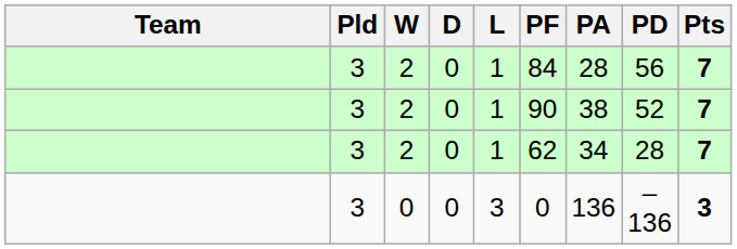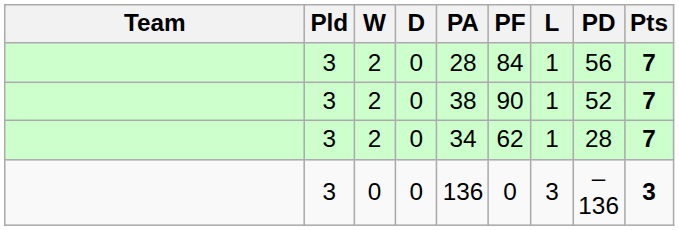 <table class="wikitable" style="text-align:center;">
 <tr>
 <th width="190">Team</th>
 <th width="20" abbr="Played">Pld</th>
 <th width="20" abbr="Won">W</th>
 <th width="20" abbr="Drawn">D</th>
+<th width="20" abbr="Points against">PA</th>
+<th width="20" abbr="Points for">PF</th>
 <th width="20" abbr="Lost">L</th>
-<th width="20" abbr="Points for">PF</th>
-<th width="20" abbr="Points against">PA</th>
 <th width="25" abbr="Points difference">PD</th>
 <th width="20" abbr="Points">Pts</th>
 </tr>
 <tr style="background:#ccffcc">
 <td align="left"></td>
 <td>3</td>
 <td>2</td>
 <td>0</td>
+<td>28</td>
+<td>84</td>
 <td>1</td>
-<td>84</td>
-<td>28</td>
 <td>56</td>
 <td><strong>7</strong></td>
 </tr>
 <tr style="background:#ccffcc">
 <td align="left"></td>
 <td>3</td>
 <td>2</td>
 <td>0</td>
+<td>38</td>
+<td>90</td>
 <td>1</td>
-<td>90</td>
-<td>38</td>
 <td>52</td>
 <td><strong>7</strong></td>
 </tr>
 <tr style="background:#ccffcc">
 <td align="left"></td>
 <td>3</td>
 <td>2</td>
 <td>0</td>
+<td>34</td>
+<td>62</td>
 <td>1</td>
-<td>62</td>
-<td>34</td>
 <td>28</td>
 <td><strong>7</strong></td>
 </tr>
 <tr>
 <td align="left"></td>
 <td>3</td>
 <td>0</td>
 <td>0</td>
+<td>136</td>
+<td>0</td>
 <td>3</td>
-<td>0</td>
-<td>136</td>
 <td>–136</td>
 <td><strong>3</strong></td>
 </tr>
 </table>
